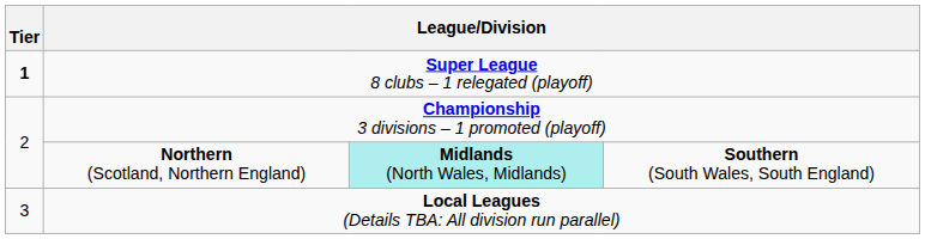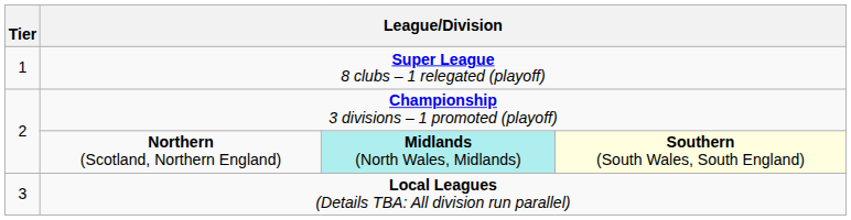 <table class="wikitable" style="text-align: center;">
 <tr>
 <th style="width:4%;"><br>Tier</th>
 <th colspan="4">League/Division</th>
 </tr>
 <tr>
-<td><strong>1</strong></td>
+<td>1</td>
 <td colspan="3"><strong><a href='#'>Super League</a></strong><br><em>8 clubs – 1 relegated (playoff)</em></td>
 </tr>
 <tr>
 <td rowspan="2">2</td>
 <td colspan="3"><strong><a href='#'>Championship</a></strong><br><em>3 divisions – 1 promoted (playoff)</em></td>
 </tr>
 <tr>
 <td><strong>Northern</strong><br>(Scotland, Northern England)</td>
 <td style="background: paleturquoise;"><strong>Midlands</strong><br>(North Wales, Midlands)</td>
-<td><strong>Southern</strong><br>(South Wales, South England)</td>
+<td style="background: lightyellow;"><strong>Southern</strong><br>(South Wales, South England)</td>
 </tr>
 <tr>
 <td>3</td>
 <td colspan="3"><strong>Local Leagues</strong><br><em>(Details TBA: All division run parallel)</em></td>
 </tr>
 </table>
